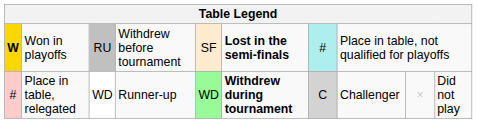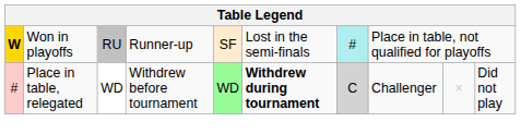 <table class="wikitable" style="font-size:100%;">
 <tr style="background:#efefef;">
 <th colspan="10">Table Legend</th>
 </tr>
 <tr>
 <td style="text-align:center; background:gold"><strong>W</strong></td>
 <td>Won in playoffs</td>
 <td style="text-align:center; background:silver;">RU</td>
-<td>Withdrew before tournament</td>
+<td>Runner-up</td>
 <td style="text-align:center; background:#ffebcd;">SF</td>
-<td><strong>Lost in the semi-finals</strong></td>
+<td>Lost in the semi-finals</td>
 <td style="text-align:center; background:#afeeee;">#</td>
 <td colspan="3">Place in table, not qualified for playoffs</td>
 </tr>
 <tr>
 <td style="text-align:center; background:#ffcccc;">#</td>
 <td>Place in table, relegated</td>
 <td style="background:white;">WD</td>
-<td>Runner-up</td>
+<td>Withdrew before tournament</td>
 <td style="background:PaleGreen;">WD</td>
 <td><strong>Withdrew during tournament</strong></td>
 <td style="background:#D3D3D3; text-align:center; width:30px;">C</td>
 <td>Challenger</td>
 <td style="color:#ccc; text-align:center; width:30px;">×</td>
 <td>Did not play</td>
 </tr>
 </table>
